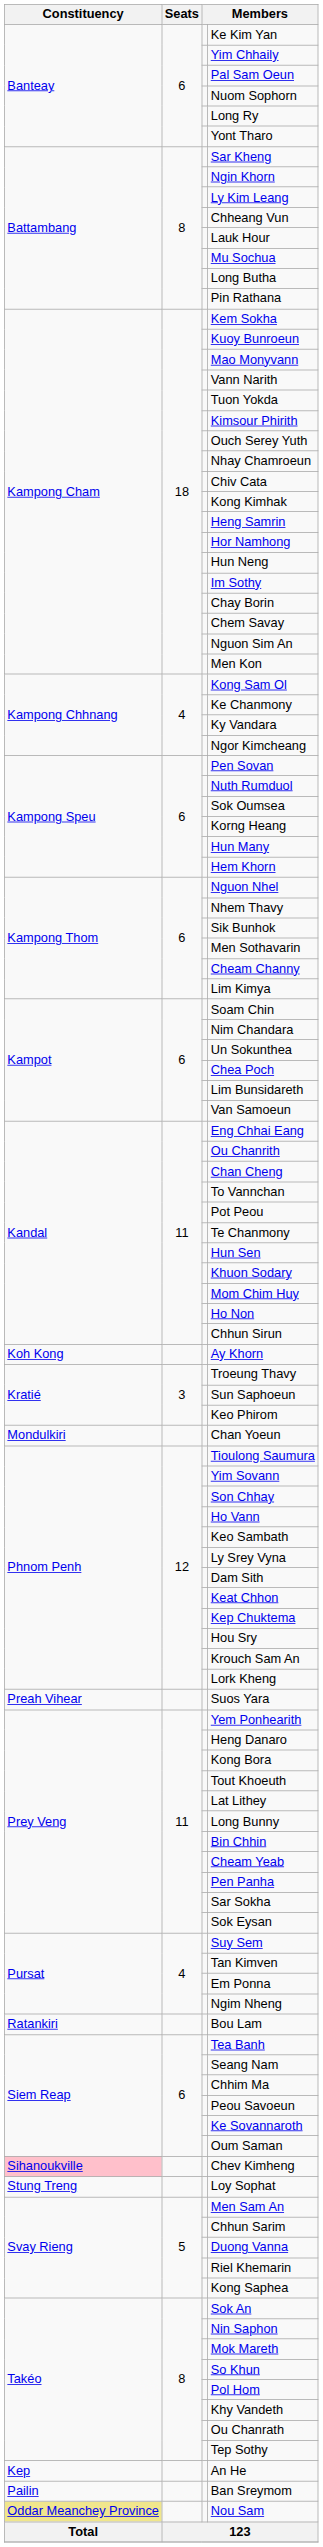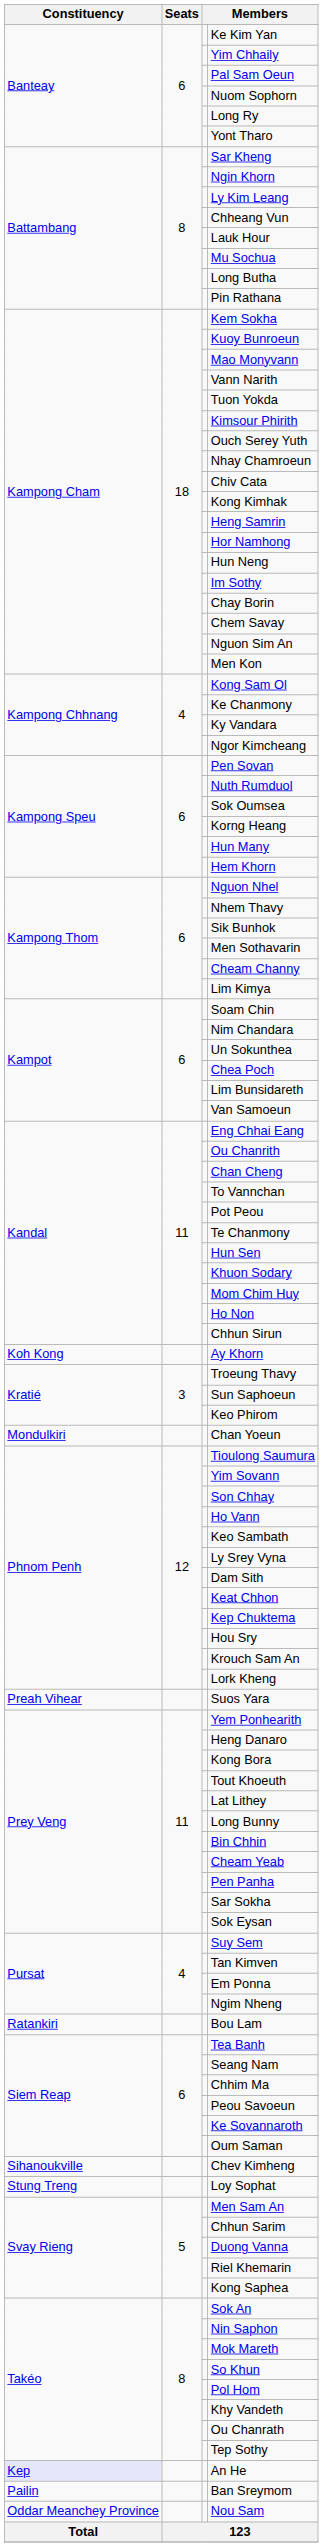 <table class=wikitable>
 <tr>
 <th>Constituency</th>
 <th>Seats</th>
 <th colspan="2">Members</th>
 </tr>
 <tr>
 <td rowspan="6"><a href='#'>Banteay</a></td>
 <td rowspan="6" style="text-align:center">6</td>
 <td style="background-color:"></td>
 <td>Ke Kim Yan</td>
 </tr>
 <tr>
 <td style="background-color:"></td>
 <td><a href='#'>Yim Chhaily</a></td>
 </tr>
 <tr>
 <td style="background-color:"></td>
 <td><a href='#'>Pal Sam Oeun</a></td>
 </tr>
 <tr>
 <td style="background-color:"></td>
 <td>Nuom Sophorn</td>
 </tr>
 <tr>
 <td style="background-color:"></td>
 <td>Long Ry</td>
 </tr>
 <tr>
 <td style="background-color:"></td>
 <td>Yont Tharo</td>
 </tr>
 <tr>
 <td rowspan="8"><a href='#'>Battambang</a></td>
 <td rowspan="8" style="text-align:center">8</td>
 <td style="background-color:"></td>
 <td><a href='#'>Sar Kheng</a></td>
 </tr>
 <tr>
 <td style="background-color:"></td>
 <td><a href='#'>Ngin Khorn</a></td>
 </tr>
 <tr>
 <td style="background-color:"></td>
 <td><a href='#'>Ly Kim Leang</a></td>
 </tr>
 <tr>
 <td style="background-color:"></td>
 <td>Chheang Vun</td>
 </tr>
 <tr>
 <td style="background-color:"></td>
 <td>Lauk Hour</td>
 </tr>
 <tr>
 <td style="background-color:"></td>
 <td><a href='#'>Mu Sochua</a></td>
 </tr>
 <tr>
 <td style="background-color:"></td>
 <td>Long Butha</td>
 </tr>
 <tr>
 <td style="background-color:"></td>
 <td>Pin Rathana</td>
 </tr>
 <tr>
 <td rowspan="18"><a href='#'>Kampong Cham</a></td>
 <td rowspan="18" style="text-align:center">18</td>
 <td style="background-color:"></td>
 <td><a href='#'>Kem Sokha</a></td>
 </tr>
 <tr>
 <td style="background-color:"></td>
 <td><a href='#'>Kuoy Bunroeun</a></td>
 </tr>
 <tr>
 <td style="background-color:"></td>
 <td><a href='#'>Mao Monyvann</a></td>
 </tr>
 <tr>
 <td style="background-color:"></td>
 <td>Vann Narith</td>
 </tr>
 <tr>
 <td style="background-color:"></td>
 <td>Tuon Yokda</td>
 </tr>
 <tr>
 <td style="background-color:"></td>
 <td><a href='#'>Kimsour Phirith</a></td>
 </tr>
 <tr>
 <td style="background-color:"></td>
 <td>Ouch Serey Yuth</td>
 </tr>
 <tr>
 <td style="background-color:"></td>
 <td>Nhay Chamroeun</td>
 </tr>
 <tr>
 <td style="background-color:"></td>
 <td>Chiv Cata</td>
 </tr>
 <tr>
 <td style="background-color:"></td>
 <td>Kong Kimhak</td>
 </tr>
 <tr>
 <td style="background-color:"></td>
 <td><a href='#'>Heng Samrin</a></td>
 </tr>
 <tr>
 <td style="background-color:"></td>
 <td><a href='#'>Hor Namhong</a></td>
 </tr>
 <tr>
 <td style="background-color:"></td>
 <td>Hun Neng</td>
 </tr>
 <tr>
 <td style="background-color:"></td>
 <td><a href='#'>Im Sothy</a></td>
 </tr>
 <tr>
 <td style="background-color:"></td>
 <td>Chay Borin</td>
 </tr>
 <tr>
 <td style="background-color:"></td>
 <td>Chem Savay</td>
 </tr>
 <tr>
 <td style="background-color:"></td>
 <td>Nguon Sim An</td>
 </tr>
 <tr>
 <td style="background-color:"></td>
 <td>Men Kon</td>
 </tr>
 <tr>
 <td rowspan="4"><a href='#'>Kampong Chhnang</a></td>
 <td rowspan="4" style="text-align:center">4</td>
 <td style="background-color:"></td>
 <td><a href='#'>Kong Sam Ol</a></td>
 </tr>
 <tr>
 <td style="background-color:"></td>
 <td>Ke Chanmony</td>
 </tr>
 <tr>
 <td style="background-color:"></td>
 <td>Ky Vandara</td>
 </tr>
 <tr>
 <td style="background-color:"></td>
 <td>Ngor Kimcheang</td>
 </tr>
 <tr>
 <td rowspan="6"><a href='#'>Kampong Speu</a></td>
 <td rowspan="6" style="text-align:center">6</td>
 <td style="background-color:"></td>
 <td><a href='#'>Pen Sovan</a></td>
 </tr>
 <tr>
 <td style="background-color:"></td>
 <td><a href='#'>Nuth Rumduol</a></td>
 </tr>
 <tr>
 <td style="background-color:"></td>
 <td>Sok Oumsea</td>
 </tr>
 <tr>
 <td style="background-color:"></td>
 <td>Korng Heang</td>
 </tr>
 <tr>
 <td style="background-color:"></td>
 <td><a href='#'>Hun Many</a></td>
 </tr>
 <tr>
 <td style="background-color:"></td>
 <td><a href='#'>Hem Khorn</a></td>
 </tr>
 <tr>
 <td rowspan="6"><a href='#'>Kampong Thom</a></td>
 <td rowspan="6" style="text-align:center">6</td>
 <td style="background-color:"></td>
 <td><a href='#'>Nguon Nhel</a></td>
 </tr>
 <tr>
 <td style="background-color:"></td>
 <td>Nhem Thavy</td>
 </tr>
 <tr>
 <td style="background-color:"></td>
 <td>Sik Bunhok</td>
 </tr>
 <tr>
 <td style="background-color:"></td>
 <td>Men Sothavarin</td>
 </tr>
 <tr>
 <td style="background-color:"></td>
 <td><a href='#'>Cheam Channy</a></td>
 </tr>
 <tr>
 <td style="background-color:"></td>
 <td>Lim Kimya</td>
 </tr>
 <tr>
 <td rowspan="6"><a href='#'>Kampot</a></td>
 <td rowspan="6" style="text-align:center">6</td>
 <td style="background-color:"></td>
 <td>Soam Chin</td>
 </tr>
 <tr>
 <td style="background-color:"></td>
 <td>Nim Chandara</td>
 </tr>
 <tr>
 <td style="background-color:"></td>
 <td>Un Sokunthea</td>
 </tr>
 <tr>
 <td style="background-color:"></td>
 <td><a href='#'>Chea Poch</a></td>
 </tr>
 <tr>
 <td style="background-color:"></td>
 <td>Lim Bunsidareth</td>
 </tr>
 <tr>
 <td style="background-color:"></td>
 <td>Van Samoeun</td>
 </tr>
 <tr>
 <td rowspan="11"><a href='#'>Kandal</a></td>
 <td rowspan="11" style="text-align:center">11</td>
 <td style="background-color:"></td>
 <td><a href='#'>Eng Chhai Eang</a></td>
 </tr>
 <tr>
 <td style="background-color:"></td>
 <td><a href='#'>Ou Chanrith</a></td>
 </tr>
 <tr>
 <td style="background-color:"></td>
 <td><a href='#'>Chan Cheng</a></td>
 </tr>
 <tr>
 <td style="background-color:"></td>
 <td>To Vannchan</td>
 </tr>
 <tr>
 <td style="background-color:"></td>
 <td>Pot Peou</td>
 </tr>
 <tr>
 <td style="background-color:"></td>
 <td>Te Chanmony</td>
 </tr>
 <tr>
 <td style="background-color:"></td>
 <td><a href='#'>Hun Sen</a></td>
 </tr>
 <tr>
 <td style="background-color:"></td>
 <td><a href='#'>Khuon Sodary</a></td>
 </tr>
 <tr>
 <td style="background-color:"></td>
 <td><a href='#'>Mom Chim Huy</a></td>
 </tr>
 <tr>
 <td style="background-color:"></td>
 <td><a href='#'>Ho Non</a></td>
 </tr>
 <tr>
 <td style="background-color:"></td>
 <td>Chhun Sirun</td>
 </tr>
 <tr>
 <td><a href='#'>Koh Kong</a></td>
 <td></td>
 <td style="background-color:"></td>
 <td><a href='#'>Ay Khorn</a></td>
 </tr>
 <tr>
 <td rowspan="3"><a href='#'>Kratié</a></td>
 <td rowspan="3" style="text-align:center">3</td>
 <td style="background-color:"></td>
 <td>Troeung Thavy</td>
 </tr>
 <tr>
 <td style="background-color:"></td>
 <td>Sun Saphoeun</td>
 </tr>
 <tr>
 <td style="background-color:"></td>
 <td>Keo Phirom</td>
 </tr>
 <tr>
 <td><a href='#'>Mondulkiri</a></td>
 <td></td>
 <td style="background-color:"></td>
 <td>Chan Yoeun</td>
 </tr>
 <tr>
 <td rowspan="12"><a href='#'>Phnom Penh</a></td>
 <td rowspan="12" style="text-align:center">12</td>
 <td style="background-color:"></td>
 <td><a href='#'>Tioulong Saumura</a></td>
 </tr>
 <tr>
 <td style="background-color:"></td>
 <td><a href='#'>Yim Sovann</a></td>
 </tr>
 <tr>
 <td style="background-color:"></td>
 <td><a href='#'>Son Chhay</a></td>
 </tr>
 <tr>
 <td style="background-color:"></td>
 <td><a href='#'>Ho Vann</a></td>
 </tr>
 <tr>
 <td style="background-color:"></td>
 <td>Keo Sambath</td>
 </tr>
 <tr>
 <td style="background-color:"></td>
 <td>Ly Srey Vyna</td>
 </tr>
 <tr>
 <td style="background-color:"></td>
 <td>Dam Sith</td>
 </tr>
 <tr>
 <td style="background-color:"></td>
 <td><a href='#'>Keat Chhon</a></td>
 </tr>
 <tr>
 <td style="background-color:"></td>
 <td><a href='#'>Kep Chuktema</a></td>
 </tr>
 <tr>
 <td style="background-color:"></td>
 <td>Hou Sry</td>
 </tr>
 <tr>
 <td style="background-color:"></td>
 <td>Krouch Sam An</td>
 </tr>
 <tr>
 <td style="background-color:"></td>
 <td>Lork Kheng</td>
 </tr>
 <tr>
 <td><a href='#'>Preah Vihear</a></td>
 <td></td>
 <td style="background-color:"></td>
 <td>Suos Yara</td>
 </tr>
 <tr>
 <td rowspan="11"><a href='#'>Prey Veng</a></td>
 <td rowspan="11" style="text-align:center">11</td>
 <td style="background-color:"></td>
 <td><a href='#'>Yem Ponhearith</a></td>
 </tr>
 <tr>
 <td style="background-color:"></td>
 <td>Heng Danaro</td>
 </tr>
 <tr>
 <td style="background-color:"></td>
 <td>Kong Bora</td>
 </tr>
 <tr>
 <td style="background-color:"></td>
 <td>Tout Khoeuth</td>
 </tr>
 <tr>
 <td style="background-color:"></td>
 <td>Lat Lithey</td>
 </tr>
 <tr>
 <td style="background-color:"></td>
 <td>Long Bunny</td>
 </tr>
 <tr>
 <td style="background-color:"></td>
 <td><a href='#'>Bin Chhin</a></td>
 </tr>
 <tr>
 <td style="background-color:"></td>
 <td><a href='#'>Cheam Yeab</a></td>
 </tr>
 <tr>
 <td style="background-color:"></td>
 <td><a href='#'>Pen Panha</a></td>
 </tr>
 <tr>
 <td style="background-color:"></td>
 <td>Sar Sokha</td>
 </tr>
 <tr>
 <td style="background-color:"></td>
 <td>Sok Eysan</td>
 </tr>
 <tr>
 <td rowspan="4"><a href='#'>Pursat</a></td>
 <td rowspan="4" style="text-align:center">4</td>
 <td style="background-color:"></td>
 <td><a href='#'>Suy Sem</a></td>
 </tr>
 <tr>
 <td style="background-color:"></td>
 <td>Tan Kimven</td>
 </tr>
 <tr>
 <td style="background-color:"></td>
 <td>Em Ponna</td>
 </tr>
 <tr>
 <td style="background-color:"></td>
 <td>Ngim Nheng</td>
 </tr>
 <tr>
 <td><a href='#'>Ratankiri</a></td>
 <td></td>
 <td style="background-color:"></td>
 <td>Bou Lam</td>
 </tr>
 <tr>
 <td rowspan="6"><a href='#'>Siem Reap</a></td>
 <td rowspan="6" style="text-align:center">6</td>
 <td style="background-color:"></td>
 <td><a href='#'>Tea Banh</a></td>
 </tr>
 <tr>
 <td style="background-color:"></td>
 <td>Seang Nam</td>
 </tr>
 <tr>
 <td style="background-color:"></td>
 <td>Chhim Ma</td>
 </tr>
 <tr>
 <td style="background-color:"></td>
 <td>Peou Savoeun</td>
 </tr>
 <tr>
 <td style="background-color:"></td>
 <td><a href='#'>Ke Sovannaroth</a></td>
 </tr>
 <tr>
 <td style="background-color:"></td>
 <td>Oum Saman</td>
 </tr>
 <tr>
-<td style="background: pink;"><a href='#'>Sihanoukville</a></td>
+<td><a href='#'>Sihanoukville</a></td>
 <td></td>
 <td style="background-color:"></td>
 <td>Chev Kimheng</td>
 </tr>
 <tr>
 <td><a href='#'>Stung Treng</a></td>
 <td></td>
 <td style="background-color:"></td>
 <td>Loy Sophat</td>
 </tr>
 <tr>
 <td rowspan="5"><a href='#'>Svay Rieng</a></td>
 <td rowspan="5" style="text-align:center">5</td>
 <td style="background-color:"></td>
 <td><a href='#'>Men Sam An</a></td>
 </tr>
 <tr>
 <td style="background-color:"></td>
 <td>Chhun Sarim</td>
 </tr>
 <tr>
 <td style="background-color:"></td>
 <td><a href='#'>Duong Vanna</a></td>
 </tr>
 <tr>
 <td style="background-color:"></td>
 <td>Riel Khemarin</td>
 </tr>
 <tr>
 <td style="background-color:"></td>
 <td>Kong Saphea</td>
 </tr>
 <tr>
 <td rowspan="8"><a href='#'>Takéo</a></td>
 <td rowspan="8" style="text-align:center">8</td>
 <td style="background-color:"></td>
 <td><a href='#'>Sok An</a></td>
 </tr>
 <tr>
 <td style="background-color:"></td>
 <td><a href='#'>Nin Saphon</a></td>
 </tr>
 <tr>
 <td style="background-color:"></td>
 <td><a href='#'>Mok Mareth</a></td>
 </tr>
 <tr>
 <td style="background-color:"></td>
 <td><a href='#'>So Khun</a></td>
 </tr>
 <tr>
 <td style="background-color:"></td>
 <td><a href='#'>Pol Hom</a></td>
 </tr>
 <tr>
 <td style="background-color:"></td>
 <td>Khy Vandeth</td>
 </tr>
 <tr>
 <td style="background-color:"></td>
 <td>Ou Chanrath</td>
 </tr>
 <tr>
 <td style="background-color:"></td>
 <td>Tep Sothy</td>
 </tr>
 <tr>
-<td><a href='#'>Kep</a></td>
+<td style="background: lavender;"><a href='#'>Kep</a></td>
 <td></td>
 <td style="background-color:"></td>
 <td>An He</td>
 </tr>
 <tr>
 <td><a href='#'>Pailin</a></td>
 <td></td>
 <td style="background-color:"></td>
 <td>Ban Sreymom</td>
 </tr>
 <tr>
-<td style="background: khaki;"><a href='#'>Oddar Meanchey Province</a></td>
+<td><a href='#'>Oddar Meanchey Province</a></td>
 <td></td>
 <td style="background-color:"></td>
 <td><a href='#'>Nou Sam</a></td>
 </tr>
 <tr>
 <th>Total</th>
 <th colspan="3">123</th>
 </tr>
 <tr>
 </tr>
 </table>
